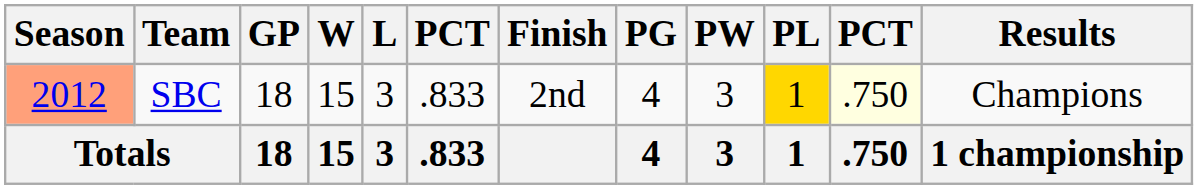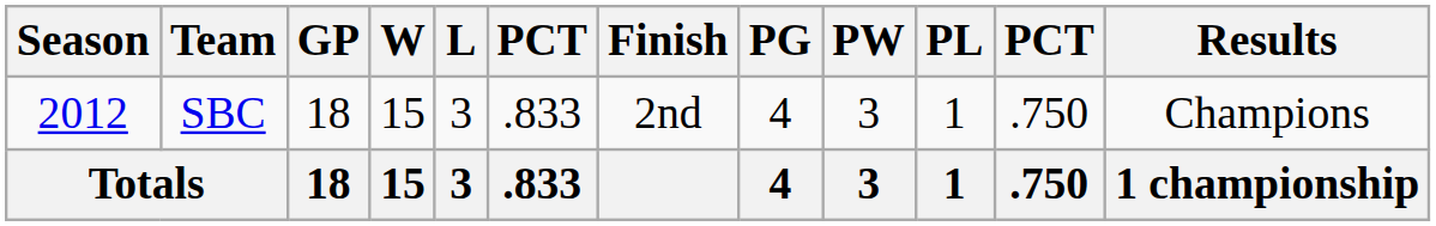 <table class=wikitable style="text-align:center">
 <tr>
 <th>Season</th>
 <th>Team</th>
 <th>GP</th>
 <th>W</th>
 <th>L</th>
 <th>PCT</th>
 <th>Finish</th>
 <th>PG</th>
 <th>PW</th>
 <th>PL</th>
 <th>PCT</th>
 <th>Results</th>
 </tr>
 <tr>
-<td style="background: lightsalmon;"><a href='#'>2012</a></td>
+<td><a href='#'>2012</a></td>
 <td><a href='#'>SBC</a></td>
 <td>18</td>
 <td>15</td>
 <td>3</td>
 <td>.833</td>
 <td>2nd</td>
 <td>4</td>
 <td>3</td>
-<td style="background: gold;">1</td>
-<td style="background: lightyellow;">.750</td>
+<td>1</td>
+<td>.750</td>
 <td>Champions</td>
 </tr>
 <tr>
 <th colspan="2">Totals</th>
 <th>18</th>
 <th>15</th>
 <th>3</th>
 <th>.833</th>
 <th></th>
 <th>4</th>
 <th>3</th>
 <th>1</th>
 <th>.750</th>
 <th>1 championship</th>
 </tr>
 </table>
